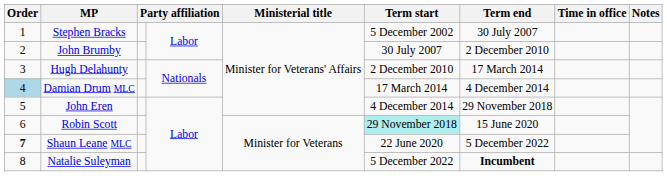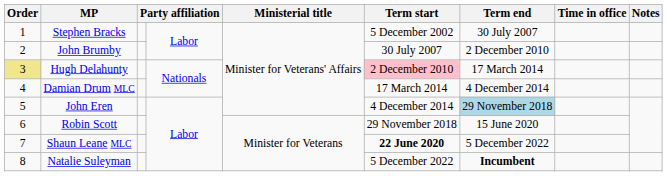 <table class="wikitable" style="text-align:center">
 <tr>
 <th>Order</th>
 <th>MP</th>
 <th colspan="2">Party affiliation</th>
 <th>Ministerial title</th>
 <th>Term start</th>
 <th>Term end</th>
 <th>Time in office</th>
 <th>Notes</th>
 </tr>
 <tr>
 <td>1</td>
 <td><a href='#'>Stephen Bracks</a> </td>
 <td></td>
 <td rowspan="2"><a href='#'>Labor</a></td>
 <td rowspan="5">Minister for Veterans' Affairs</td>
 <td>5 December 2002</td>
 <td>30 July 2007</td>
 <td></td>
 <td></td>
 </tr>
 <tr>
 <td>2</td>
 <td><a href='#'>John Brumby</a> </td>
 <td></td>
 <td>30 July 2007</td>
 <td>2 December 2010</td>
 <td></td>
 <td></td>
 </tr>
 <tr>
-<td>3</td>
+<td style="background: khaki;">3</td>
 <td><a href='#'>Hugh Delahunty</a> </td>
 <td></td>
 <td rowspan="2"><a href='#'>Nationals</a></td>
-<td>2 December 2010</td>
+<td style="background: pink;">2 December 2010</td>
 <td>17 March 2014</td>
 <td></td>
 <td></td>
 </tr>
 <tr>
-<td style="background: lightblue;">4</td>
+<td>4</td>
 <td><a href='#'>Damian Drum</a> <a href='#'><small>MLC</small></a></td>
 <td></td>
 <td>17 March 2014</td>
 <td>4 December 2014</td>
 <td></td>
 <td></td>
 </tr>
 <tr>
 <td>5</td>
 <td><a href='#'>John Eren</a> </td>
 <td></td>
 <td rowspan="4"><a href='#'>Labor</a></td>
 <td>4 December 2014</td>
-<td>29 November 2018</td>
+<td style="background: lightblue;">29 November 2018</td>
 <td></td>
 <td rowspan="3"></td>
 </tr>
 <tr>
 <td>6</td>
 <td><a href='#'>Robin Scott</a> </td>
 <td></td>
 <td rowspan="3">Minister for Veterans</td>
-<td style="background: paleturquoise;">29 November 2018</td>
+<td>29 November 2018</td>
 <td>15 June 2020</td>
 <td></td>
 </tr>
 <tr>
-<td><strong>7</strong></td>
+<td>7</td>
 <td><a href='#'>Shaun Leane</a> <a href='#'><small>MLC</small></a></td>
 <td></td>
-<td>22 June 2020</td>
+<td><strong>22 June 2020</strong></td>
 <td>5 December 2022</td>
 <td></td>
 </tr>
 <tr>
 <td>8</td>
 <td><a href='#'>Natalie Suleyman</a> </td>
 <td></td>
 <td>5 December 2022</td>
 <td><strong>Incumbent</strong></td>
 <td></td>
 <td></td>
 </tr>
 </table>
